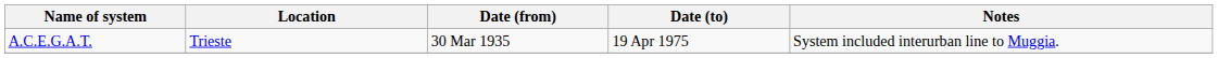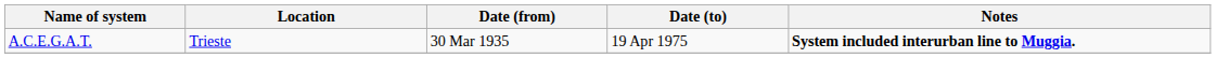 <table class="wikitable" width=100%>
 <tr>
 <th width=15%>Name of system</th>
 <th width=20%>Location</th>
 <th width=15%>Date (from)</th>
 <th width=15%>Date (to)</th>
 <th width=35%>Notes</th>
 </tr>
 <tr>
 <td><a href='#'>A.C.E.G.A.T.</a></td>
 <td><a href='#'>Trieste</a></td>
 <td>30 Mar 1935</td>
 <td>19 Apr 1975</td>
-<td>System included interurban line to <a href='#'>Muggia</a>.</td>
+<td><strong>System included interurban line to <a href='#'>Muggia</a>.</strong></td>
 </tr>
 <tr>
 </tr>
 </table>
